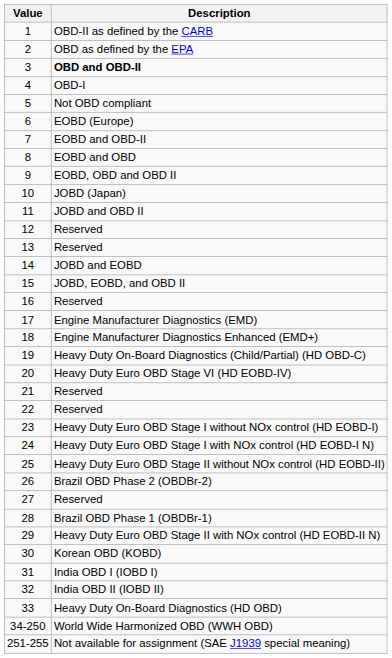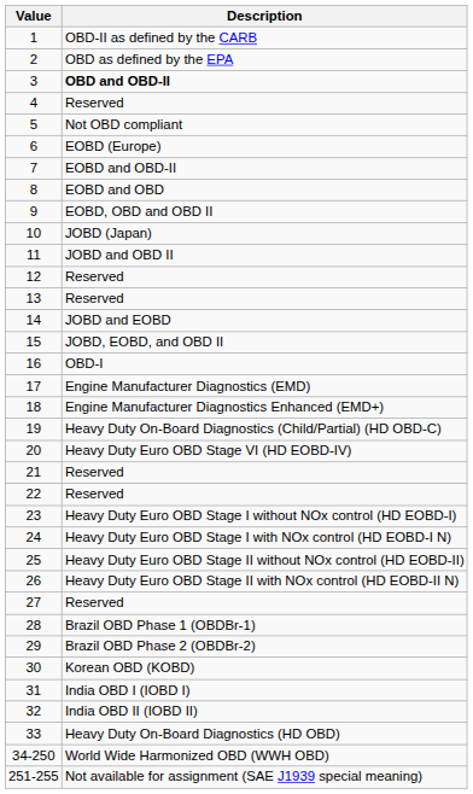 <table class="wikitable">
 <tr>
 <th>Value</th>
 <th>Description</th>
 </tr>
 <tr>
 <td align="center">1</td>
 <td>OBD-II as defined by the <a href='#'>CARB</a></td>
 </tr>
 <tr>
 <td align="center">2</td>
 <td>OBD as defined by the <a href='#'>EPA</a></td>
 </tr>
 <tr>
 <td align="center">3</td>
 <td><strong>OBD and OBD-II</strong></td>
 </tr>
 <tr>
 <td align="center">4</td>
-<td>OBD-I</td>
+<td>Reserved</td>
 </tr>
 <tr>
 <td align="center">5</td>
 <td>Not OBD compliant</td>
 </tr>
 <tr>
 <td align="center">6</td>
 <td>EOBD (Europe)</td>
 </tr>
 <tr>
 <td align="center">7</td>
 <td>EOBD and OBD-II</td>
 </tr>
 <tr>
 <td align="center">8</td>
 <td>EOBD and OBD</td>
 </tr>
 <tr>
 <td align="center">9</td>
 <td>EOBD, OBD and OBD II</td>
 </tr>
 <tr>
 <td align="center">10</td>
 <td>JOBD (Japan)</td>
 </tr>
 <tr>
 <td align="center">11</td>
 <td>JOBD and OBD II</td>
 </tr>
 <tr>
 <td align="center">12</td>
 <td>Reserved</td>
 </tr>
 <tr>
 <td align="center">13</td>
 <td>Reserved</td>
 </tr>
 <tr>
 <td align="center">14</td>
 <td>JOBD and EOBD</td>
 </tr>
 <tr>
 <td align="center">15</td>
 <td>JOBD, EOBD, and OBD II</td>
 </tr>
 <tr>
 <td align="center">16</td>
-<td>Reserved</td>
+<td>OBD-I</td>
 </tr>
 <tr>
 <td align="center">17</td>
 <td>Engine Manufacturer Diagnostics (EMD)</td>
 </tr>
 <tr>
 <td align="center">18</td>
 <td>Engine Manufacturer Diagnostics Enhanced (EMD+)</td>
 </tr>
 <tr>
 <td align="center">19</td>
 <td>Heavy Duty On-Board Diagnostics (Child/Partial) (HD OBD-C)</td>
 </tr>
 <tr>
 <td align="center">20</td>
 <td>Heavy Duty Euro OBD Stage VI (HD EOBD-IV)</td>
 </tr>
 <tr>
 <td align="center">21</td>
 <td>Reserved</td>
 </tr>
 <tr>
 <td align="center">22</td>
 <td>Reserved</td>
 </tr>
 <tr>
 <td align="center">23</td>
 <td>Heavy Duty Euro OBD Stage I without NOx control (HD EOBD-I)</td>
 </tr>
 <tr>
 <td align="center">24</td>
 <td>Heavy Duty Euro OBD Stage I with NOx control (HD EOBD-I N)</td>
 </tr>
 <tr>
 <td align="center">25</td>
 <td>Heavy Duty Euro OBD Stage II without NOx control (HD EOBD-II)</td>
 </tr>
 <tr>
 <td align="center">26</td>
-<td>Brazil OBD Phase 2 (OBDBr-2)</td>
+<td>Heavy Duty Euro OBD Stage II with NOx control (HD EOBD-II N)</td>
 </tr>
 <tr>
 <td align="center">27</td>
 <td>Reserved</td>
 </tr>
 <tr>
 <td align="center">28</td>
 <td>Brazil OBD Phase 1 (OBDBr-1)</td>
 </tr>
 <tr>
 <td align="center">29</td>
-<td>Heavy Duty Euro OBD Stage II with NOx control (HD EOBD-II N)</td>
+<td>Brazil OBD Phase 2 (OBDBr-2)</td>
 </tr>
 <tr>
 <td align="center">30</td>
 <td>Korean OBD (KOBD)</td>
 </tr>
 <tr>
 <td align="center">31</td>
 <td>India OBD I (IOBD I)</td>
 </tr>
 <tr>
 <td align="center">32</td>
 <td>India OBD II (IOBD II)</td>
 </tr>
 <tr>
 <td align="center">33</td>
 <td>Heavy Duty On-Board Diagnostics (HD OBD)</td>
 </tr>
 <tr>
 <td align="center">34-250</td>
 <td>World Wide Harmonized OBD (WWH OBD)</td>
 </tr>
 <tr>
 <td align="center">251-255</td>
 <td>Not available for assignment (SAE <a href='#'>J1939</a> special meaning)</td>
 </tr>
 </table>
